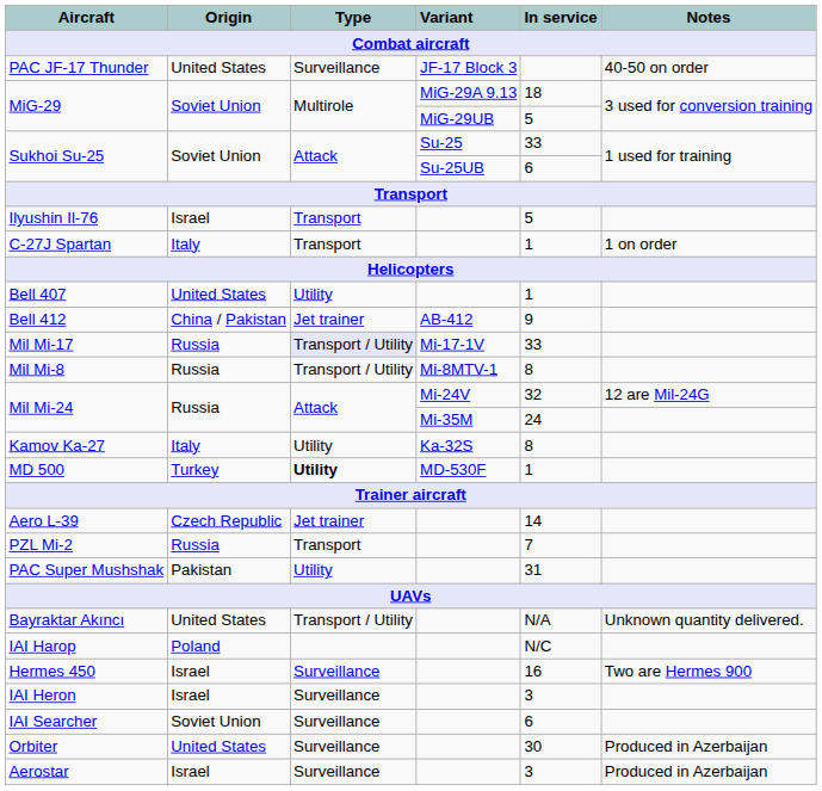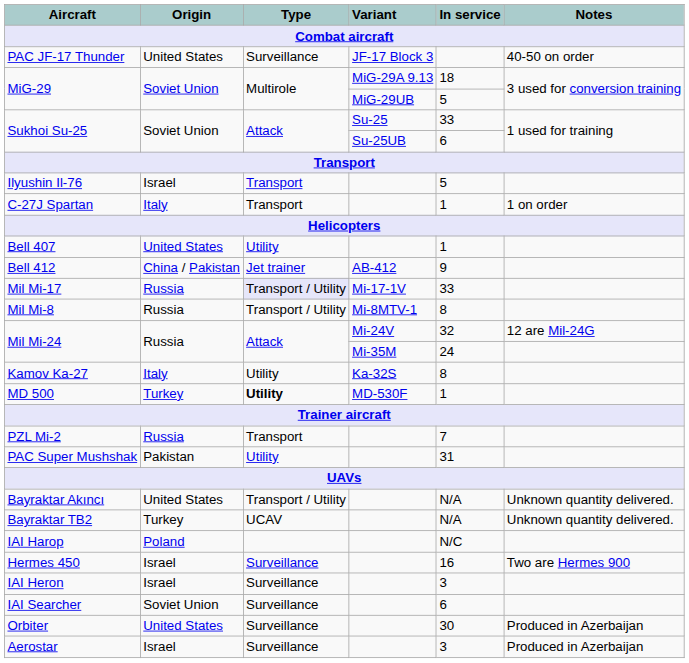 <table class="wikitable">
 <tr>
 <th style="text-align:center; background:#acc;">Aircraft</th>
 <th style="text-align: center; background:#acc;">Origin</th>
 <th style="text-align:l center; background:#acc;">Type</th>
 <th style="text-align:left; background:#acc;">Variant</th>
 <th style="text-align:center; background:#acc;">In service</th>
 <th style="text-align: center; background:#acc;">Notes</th>
 </tr>
 <tr>
 <th style="align: center; background: lavender;" colspan="6"><a href='#'>Combat aircraft</a></th>
 </tr>
 <tr>
 <td><a href='#'>PAC JF-17 Thunder</a></td>
 <td>United States</td>
 <td>Surveillance</td>
 <td><a href='#'>JF-17 Block 3</a></td>
 <td></td>
 <td>40-50 on order</td>
 </tr>
 <tr>
 <td rowspan="2"><a href='#'>MiG-29</a></td>
 <td rowspan="2"><a href='#'>Soviet Union</a></td>
 <td rowspan="2">Multirole</td>
 <td><a href='#'>MiG-29A 9.13</a></td>
 <td>18</td>
 <td rowspan="2">3 used for <a href='#'>conversion training</a></td>
 </tr>
 <tr>
 <td><a href='#'>MiG-29UB</a></td>
 <td>5</td>
 </tr>
 <tr>
 <td rowspan="2"><a href='#'>Sukhoi Su-25</a></td>
 <td rowspan="2">Soviet Union</td>
 <td rowspan="2"><a href='#'>Attack</a></td>
 <td><a href='#'>Su-25</a></td>
 <td>33</td>
 <td rowspan="2">1 used for training</td>
 </tr>
 <tr>
 <td><a href='#'>Su-25UB</a></td>
 <td>6</td>
 </tr>
 <tr>
 <th style="align: center; background: lavender;" colspan="6"><a href='#'>Transport</a></th>
 </tr>
 <tr>
 <td><a href='#'>Ilyushin Il-76</a></td>
 <td>Israel</td>
 <td><a href='#'>Transport</a></td>
 <td></td>
 <td>5</td>
 <td></td>
 </tr>
 <tr>
 <td><a href='#'>C-27J Spartan</a></td>
 <td><a href='#'>Italy</a></td>
 <td>Transport</td>
 <td></td>
 <td>1</td>
 <td>1 on order</td>
 </tr>
 <tr>
 <th style="align: center; background: lavender;" colspan="6"><a href='#'>Helicopters</a></th>
 </tr>
 <tr>
 <td><a href='#'>Bell 407</a></td>
 <td><a href='#'>United States</a></td>
 <td><a href='#'>Utility</a></td>
 <td></td>
 <td>1</td>
 <td></td>
 </tr>
 <tr>
 <td><a href='#'>Bell 412</a></td>
 <td><a href='#'>China</a> / <a href='#'>Pakistan</a></td>
 <td><a href='#'>Jet trainer</a></td>
 <td><a href='#'>AB-412</a></td>
 <td>9</td>
 <td></td>
 </tr>
 <tr>
 <td><a href='#'>Mil Mi-17</a></td>
 <td><a href='#'>Russia</a></td>
 <td style="background: lavender;">Transport / Utility</td>
 <td><a href='#'>Mi-17-1V</a></td>
 <td>33</td>
 <td></td>
 </tr>
 <tr>
 <td><a href='#'>Mil Mi-8</a></td>
 <td>Russia</td>
 <td>Transport / Utility</td>
 <td><a href='#'>Mi-8MTV-1</a></td>
 <td>8</td>
 <td></td>
 </tr>
 <tr>
 <td rowspan="2"><a href='#'>Mil Mi-24</a></td>
 <td rowspan="2">Russia</td>
 <td rowspan="2"><a href='#'>Attack</a></td>
 <td><a href='#'>Mi-24V</a></td>
 <td>32</td>
 <td>12 are <a href='#'>Mil-24G</a></td>
 </tr>
 <tr>
 <td><a href='#'>Mi-35M</a></td>
 <td>24</td>
 <td></td>
 </tr>
 <tr>
 <td><a href='#'>Kamov Ka-27</a></td>
 <td><a href='#'>Italy</a></td>
 <td>Utility</td>
 <td><a href='#'>Ka-32S</a></td>
 <td>8</td>
 <td></td>
 </tr>
 <tr>
 <td><a href='#'>MD 500</a></td>
 <td><a href='#'>Turkey</a></td>
 <td><strong>Utility</strong></td>
 <td><a href='#'>MD-530F</a></td>
 <td>1</td>
 <td></td>
 </tr>
 <tr>
 <th style="align: center; background: lavender;" colspan="6"><a href='#'>Trainer aircraft</a></th>
 </tr>
 <tr>
-<td><a href='#'>Aero L-39</a></td>
-<td><a href='#'>Czech Republic</a></td>
-<td><a href='#'>Jet trainer</a></td>
-<td></td>
-<td>14</td>
-<td></td>
-</tr>
-<tr>
 <td><a href='#'>PZL Mi-2</a></td>
 <td><a href='#'>Russia</a></td>
 <td>Transport</td>
 <td></td>
 <td>7</td>
 <td></td>
 </tr>
 <tr>
 <td><a href='#'>PAC Super Mushshak</a></td>
 <td>Pakistan</td>
 <td><a href='#'>Utility</a></td>
 <td></td>
 <td>31</td>
 <td></td>
 </tr>
 <tr>
 <th style="align: center; background: lavender;" colspan="6"><a href='#'>UAVs</a></th>
 </tr>
 <tr>
 <td><a href='#'>Bayraktar Akıncı</a></td>
 <td>United States</td>
 <td>Transport / Utility</td>
+<td></td>
+<td>N/A</td>
+<td>Unknown quantity delivered.</td>
+</tr>
+<tr>
+<td><a href='#'>Bayraktar TB2</a></td>
+<td>Turkey</td>
+<td>UCAV</td>
 <td></td>
 <td>N/A</td>
 <td>Unknown quantity delivered.</td>
 </tr>
 <tr>
 <td><a href='#'>IAI Harop</a></td>
 <td><a href='#'>Poland</a></td>
 <td></td>
 <td></td>
 <td>N/C</td>
 <td></td>
 </tr>
 <tr>
 <td><a href='#'>Hermes 450</a></td>
 <td>Israel</td>
 <td><a href='#'>Surveillance</a></td>
 <td></td>
 <td>16</td>
 <td>Two are <a href='#'> Hermes 900</a></td>
 </tr>
 <tr>
 <td><a href='#'>IAI Heron</a></td>
 <td>Israel</td>
 <td>Surveillance</td>
 <td></td>
 <td>3</td>
 <td></td>
 </tr>
 <tr>
 <td><a href='#'>IAI Searcher</a></td>
 <td>Soviet Union</td>
 <td>Surveillance</td>
 <td></td>
 <td>6</td>
 <td></td>
 </tr>
 <tr>
 <td><a href='#'>Orbiter</a></td>
 <td><a href='#'>United States</a></td>
 <td>Surveillance</td>
 <td></td>
 <td>30</td>
 <td>Produced in Azerbaijan</td>
 </tr>
 <tr>
 <td><a href='#'>Aerostar</a></td>
 <td>Israel</td>
 <td>Surveillance</td>
 <td></td>
 <td>3</td>
 <td>Produced in Azerbaijan</td>
 </tr>
 </table>
